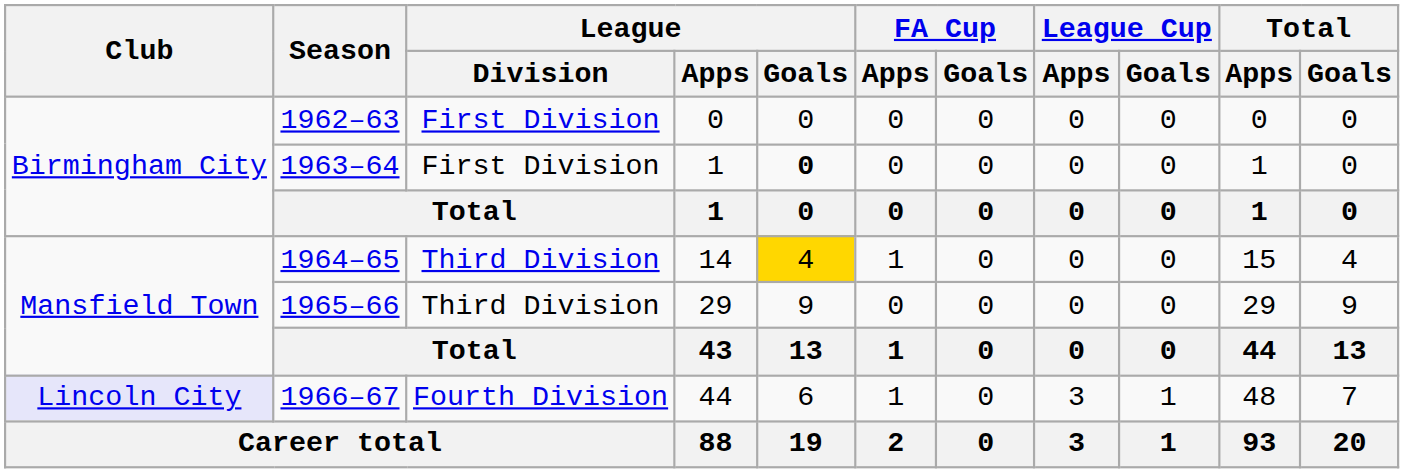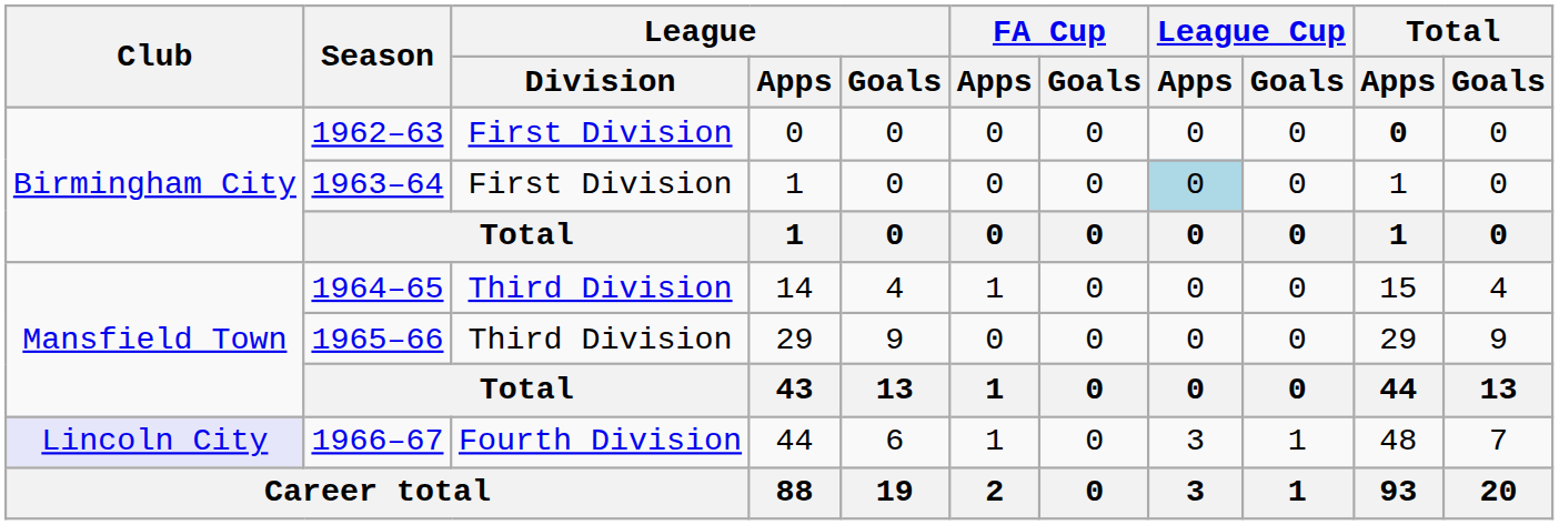 <table class="wikitable" style="text-align: center;">
 <tr>
 <th rowspan="2">Club</th>
 <th rowspan="2">Season</th>
 <th colspan="3">League</th>
 <th colspan="2"><a href='#'>FA Cup</a></th>
 <th colspan="2"><a href='#'>League Cup</a></th>
 <th colspan="2">Total</th>
 </tr>
 <tr>
 <th>Division</th>
 <th>Apps</th>
 <th>Goals</th>
 <th>Apps</th>
 <th>Goals</th>
 <th>Apps</th>
 <th>Goals</th>
 <th>Apps</th>
 <th>Goals</th>
 </tr>
 <tr>
 <td rowspan="3"><a href='#'>Birmingham City</a></td>
 <td><a href='#'>1962–63</a></td>
 <td><a href='#'>First Division</a></td>
 <td>0</td>
 <td>0</td>
 <td>0</td>
 <td>0</td>
 <td>0</td>
 <td>0</td>
-<td>0</td>
+<td><strong>0</strong></td>
 <td>0</td>
 </tr>
 <tr>
 <td><a href='#'>1963–64</a></td>
 <td>First Division</td>
 <td>1</td>
-<td><strong>0</strong></td>
 <td>0</td>
 <td>0</td>
 <td>0</td>
+<td style="background: lightblue;">0</td>
 <td>0</td>
 <td>1</td>
 <td>0</td>
 </tr>
 <tr>
 <th colspan="2">Total</th>
 <th>1</th>
 <th>0</th>
 <th>0</th>
 <th>0</th>
 <th>0</th>
 <th>0</th>
 <th>1</th>
 <th>0</th>
 </tr>
 <tr>
 <td rowspan="3"><a href='#'>Mansfield Town</a></td>
 <td><a href='#'>1964–65</a></td>
 <td><a href='#'>Third Division</a></td>
 <td>14</td>
-<td style="background: gold;">4</td>
+<td>4</td>
 <td>1</td>
 <td>0</td>
 <td>0</td>
 <td>0</td>
 <td>15</td>
 <td>4</td>
 </tr>
 <tr>
 <td><a href='#'>1965–66</a></td>
 <td>Third Division</td>
 <td>29</td>
 <td>9</td>
 <td>0</td>
 <td>0</td>
 <td>0</td>
 <td>0</td>
 <td>29</td>
 <td>9</td>
 </tr>
 <tr>
 <th colspan="2">Total</th>
 <th>43</th>
 <th>13</th>
 <th>1</th>
 <th>0</th>
 <th>0</th>
 <th>0</th>
 <th>44</th>
 <th>13</th>
 </tr>
 <tr>
 <td style="background: lavender;"><a href='#'>Lincoln City</a></td>
 <td><a href='#'>1966–67</a></td>
 <td><a href='#'>Fourth Division</a></td>
 <td>44</td>
 <td>6</td>
 <td>1</td>
 <td>0</td>
 <td>3</td>
 <td>1</td>
 <td>48</td>
 <td>7</td>
 </tr>
 <tr>
 <th colspan="3">Career total</th>
 <th>88</th>
 <th>19</th>
 <th>2</th>
 <th>0</th>
 <th>3</th>
 <th>1</th>
 <th>93</th>
 <th>20</th>
 </tr>
 </table>
